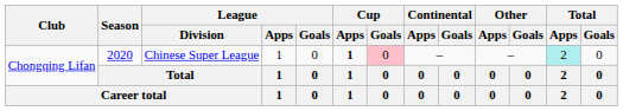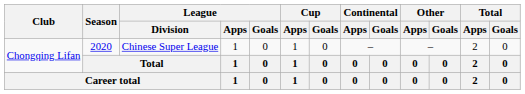 <table class="wikitable" style="text-align: center">
 <tr>
 <th rowspan="2">Club</th>
 <th rowspan="2">Season</th>
 <th colspan="3">League</th>
 <th colspan="2">Cup</th>
 <th colspan="2">Continental</th>
 <th colspan="2">Other</th>
 <th colspan="2">Total</th>
 </tr>
 <tr>
 <th>Division</th>
 <th>Apps</th>
 <th>Goals</th>
 <th>Apps</th>
 <th>Goals</th>
 <th>Apps</th>
 <th>Goals</th>
 <th>Apps</th>
 <th>Goals</th>
 <th>Apps</th>
 <th>Goals</th>
 </tr>
 <tr>
 <td rowspan=2><a href='#'>Chongqing Lifan</a></td>
 <td><a href='#'>2020</a></td>
 <td><a href='#'>Chinese Super League</a></td>
 <td>1</td>
 <td>0</td>
-<td><strong>1</strong></td>
-<td style="background: pink;">0</td>
+<td>1</td>
+<td>0</td>
 <td colspan="2">–</td>
 <td colspan="2">–</td>
-<td style="background: paleturquoise;">2</td>
+<td>2</td>
 <td>0</td>
 </tr>
 <tr>
 <th colspan=2>Total</th>
 <th>1</th>
 <th>0</th>
 <th>1</th>
 <th>0</th>
 <th>0</th>
 <th>0</th>
 <th>0</th>
 <th>0</th>
 <th>2</th>
 <th>0</th>
 </tr>
 <tr>
 <th colspan=3>Career total</th>
 <th>1</th>
 <th>0</th>
 <th>1</th>
 <th>0</th>
 <th>0</th>
 <th>0</th>
 <th>0</th>
 <th>0</th>
 <th>2</th>
 <th>0</th>
 </tr>
 </table>
